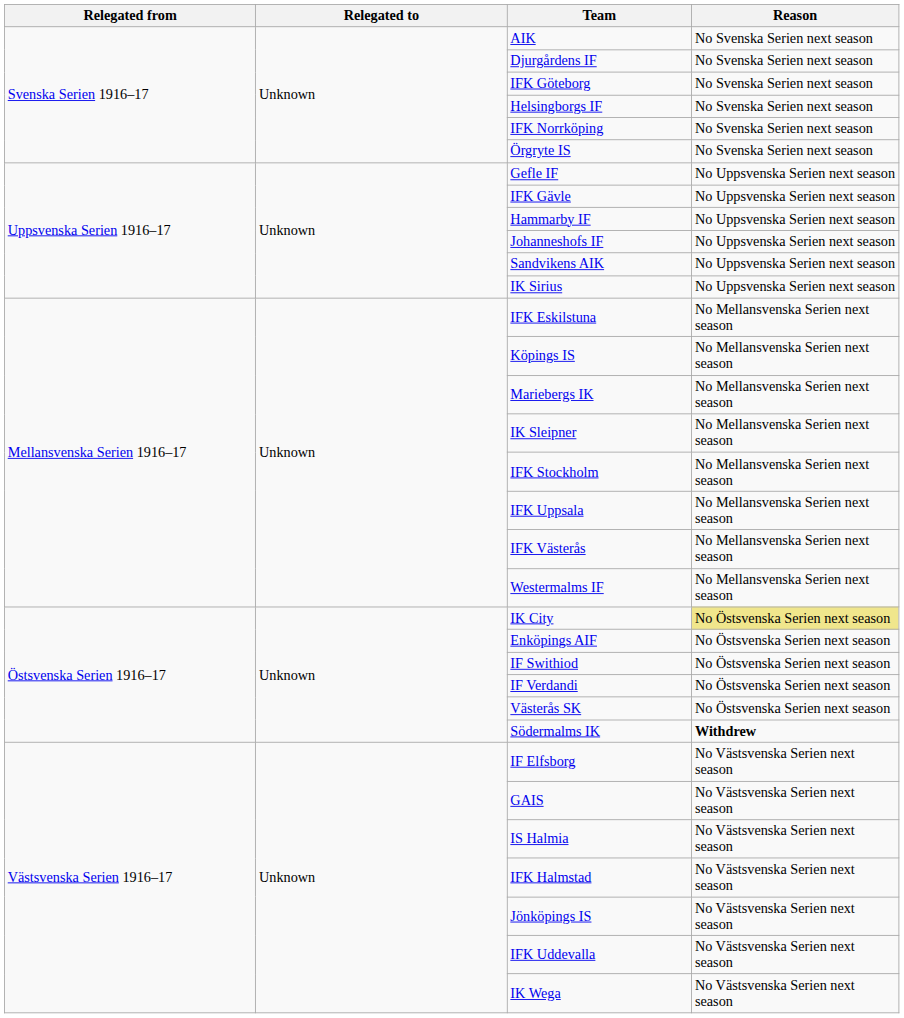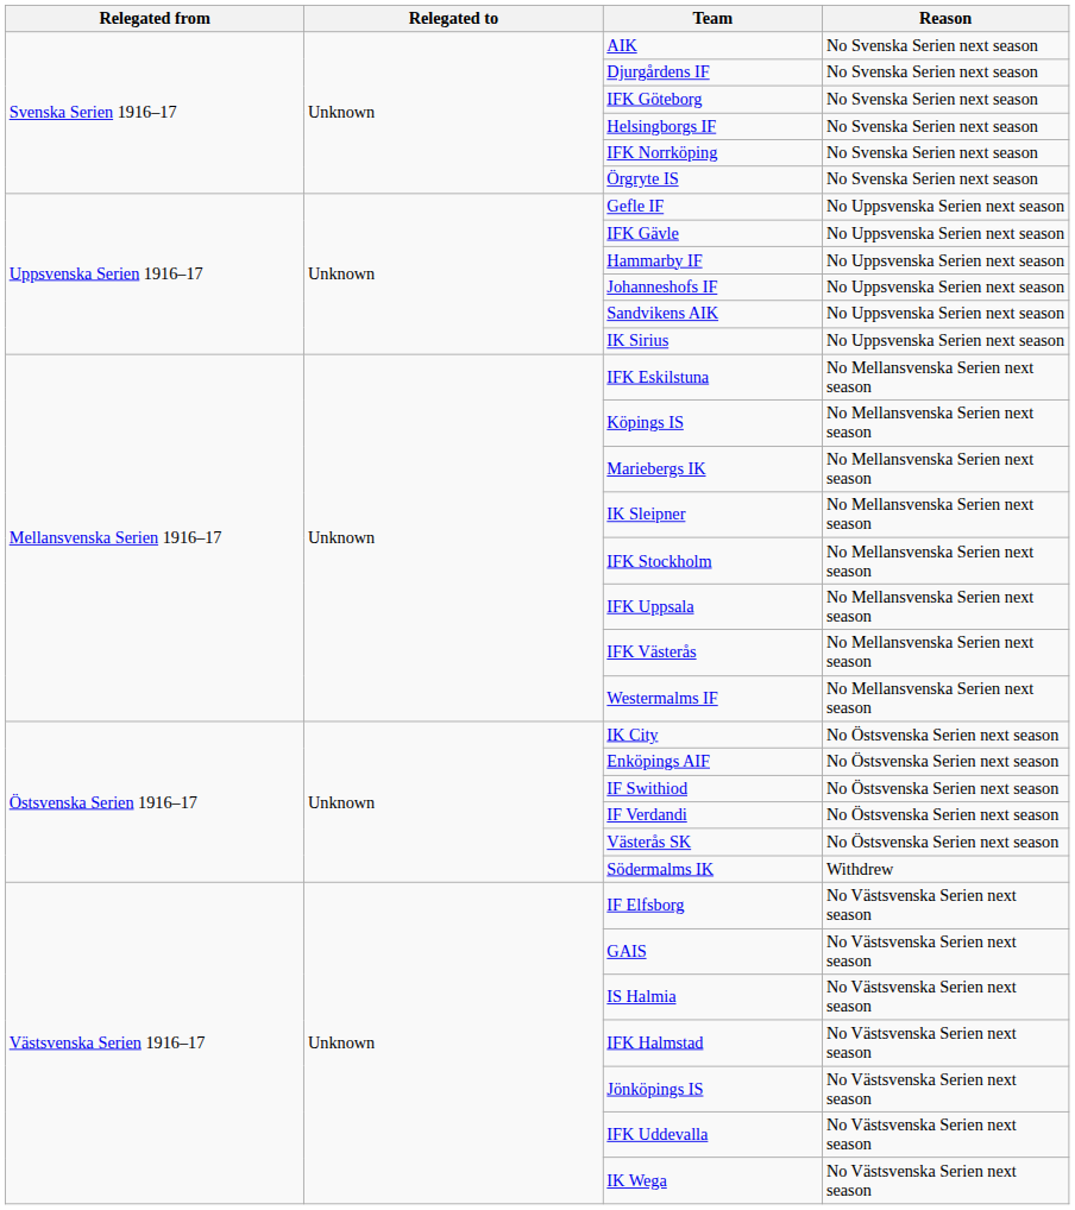 <table class="wikitable" style="text-align: left;">
 <tr>
 <th style="width: 275px;">Relegated from</th>
 <th style="width: 275px;">Relegated to</th>
 <th style="width: 200px;">Team</th>
 <th style="width: 225px;">Reason</th>
 </tr>
 <tr>
 <td rowspan=6><a href='#'>Svenska Serien</a> 1916–17</td>
 <td rowspan=6>Unknown</td>
 <td><a href='#'>AIK</a></td>
 <td>No Svenska Serien next season</td>
 </tr>
 <tr>
 <td><a href='#'>Djurgårdens IF</a></td>
 <td>No Svenska Serien next season</td>
 </tr>
 <tr>
 <td><a href='#'>IFK Göteborg</a></td>
 <td>No Svenska Serien next season</td>
 </tr>
 <tr>
 <td><a href='#'>Helsingborgs IF</a></td>
 <td>No Svenska Serien next season</td>
 </tr>
 <tr>
 <td><a href='#'>IFK Norrköping</a></td>
 <td>No Svenska Serien next season</td>
 </tr>
 <tr>
 <td><a href='#'>Örgryte IS</a></td>
 <td>No Svenska Serien next season</td>
 </tr>
 <tr>
 <td rowspan=6><a href='#'>Uppsvenska Serien</a> 1916–17</td>
 <td rowspan=6>Unknown</td>
 <td><a href='#'>Gefle IF</a></td>
 <td>No Uppsvenska Serien next season</td>
 </tr>
 <tr>
 <td><a href='#'>IFK Gävle</a></td>
 <td>No Uppsvenska Serien next season</td>
 </tr>
 <tr>
 <td><a href='#'>Hammarby IF</a></td>
 <td>No Uppsvenska Serien next season</td>
 </tr>
 <tr>
 <td><a href='#'>Johanneshofs IF</a></td>
 <td>No Uppsvenska Serien next season</td>
 </tr>
 <tr>
 <td><a href='#'>Sandvikens AIK</a></td>
 <td>No Uppsvenska Serien next season</td>
 </tr>
 <tr>
 <td><a href='#'>IK Sirius</a></td>
 <td>No Uppsvenska Serien next season</td>
 </tr>
 <tr>
 <td rowspan=8><a href='#'>Mellansvenska Serien</a> 1916–17</td>
 <td rowspan=8>Unknown</td>
 <td><a href='#'>IFK Eskilstuna</a></td>
 <td>No Mellansvenska Serien next season</td>
 </tr>
 <tr>
 <td><a href='#'>Köpings IS</a></td>
 <td>No Mellansvenska Serien next season</td>
 </tr>
 <tr>
 <td><a href='#'>Mariebergs IK</a></td>
 <td>No Mellansvenska Serien next season</td>
 </tr>
 <tr>
 <td><a href='#'>IK Sleipner</a></td>
 <td>No Mellansvenska Serien next season</td>
 </tr>
 <tr>
 <td><a href='#'>IFK Stockholm</a></td>
 <td>No Mellansvenska Serien next season</td>
 </tr>
 <tr>
 <td><a href='#'>IFK Uppsala</a></td>
 <td>No Mellansvenska Serien next season</td>
 </tr>
 <tr>
 <td><a href='#'>IFK Västerås</a></td>
 <td>No Mellansvenska Serien next season</td>
 </tr>
 <tr>
 <td><a href='#'>Westermalms IF</a></td>
 <td>No Mellansvenska Serien next season</td>
 </tr>
 <tr>
 <td rowspan=6><a href='#'>Östsvenska Serien</a> 1916–17</td>
 <td rowspan=6>Unknown</td>
 <td><a href='#'>IK City</a></td>
-<td style="background: khaki;">No Östsvenska Serien next season</td>
+<td>No Östsvenska Serien next season</td>
 </tr>
 <tr>
 <td><a href='#'>Enköpings AIF</a></td>
 <td>No Östsvenska Serien next season</td>
 </tr>
 <tr>
 <td><a href='#'>IF Swithiod</a></td>
 <td>No Östsvenska Serien next season</td>
 </tr>
 <tr>
 <td><a href='#'>IF Verdandi</a></td>
 <td>No Östsvenska Serien next season</td>
 </tr>
 <tr>
 <td><a href='#'>Västerås SK</a></td>
 <td>No Östsvenska Serien next season</td>
 </tr>
 <tr>
 <td><a href='#'>Södermalms IK</a></td>
-<td><strong>Withdrew</strong></td>
+<td>Withdrew</td>
 </tr>
 <tr>
 <td rowspan=7><a href='#'>Västsvenska Serien</a> 1916–17</td>
 <td rowspan=7>Unknown</td>
 <td><a href='#'>IF Elfsborg</a></td>
 <td>No Västsvenska Serien next season</td>
 </tr>
 <tr>
 <td><a href='#'>GAIS</a></td>
 <td>No Västsvenska Serien next season</td>
 </tr>
 <tr>
 <td><a href='#'>IS Halmia</a></td>
 <td>No Västsvenska Serien next season</td>
 </tr>
 <tr>
 <td><a href='#'>IFK Halmstad</a></td>
 <td>No Västsvenska Serien next season</td>
 </tr>
 <tr>
 <td><a href='#'>Jönköpings IS</a></td>
 <td>No Västsvenska Serien next season</td>
 </tr>
 <tr>
 <td><a href='#'>IFK Uddevalla</a></td>
 <td>No Västsvenska Serien next season</td>
 </tr>
 <tr>
 <td><a href='#'>IK Wega</a></td>
 <td>No Västsvenska Serien next season</td>
 </tr>
 </table>
